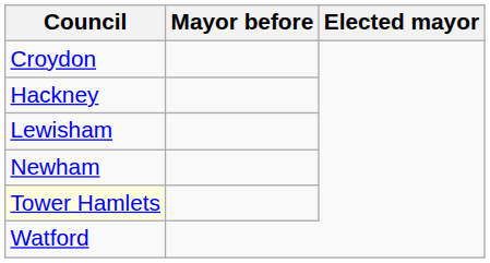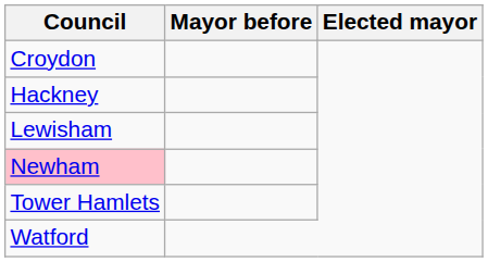 <table class="wikitable">
 <tr>
 <th scope="col">Council</th>
 <th colspan="2">Mayor before</th>
 <th>Elected mayor</th>
 </tr>
 <tr>
 <td><a href='#'>Croydon</a><br></td>
 <td></td>
 </tr>
 <tr>
 <td><a href='#'>Hackney</a><br></td>
 <td></td>
 </tr>
 <tr>
 <td><a href='#'>Lewisham</a><br></td>
 <td></td>
 </tr>
 <tr>
-<td><a href='#'>Newham</a><br></td>
+<td style="background: pink;"><a href='#'>Newham</a><br></td>
 <td></td>
 </tr>
 <tr>
-<td style="background: lightyellow;"><a href='#'>Tower Hamlets</a><br></td>
+<td><a href='#'>Tower Hamlets</a><br></td>
 <td></td>
 </tr>
 <tr>
 <td><a href='#'>Watford</a><br></td>
 </tr>
 </table>
